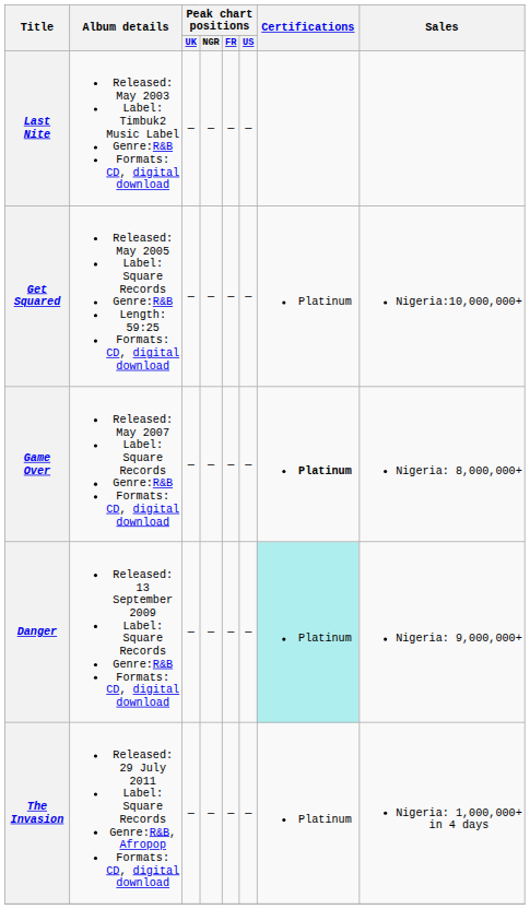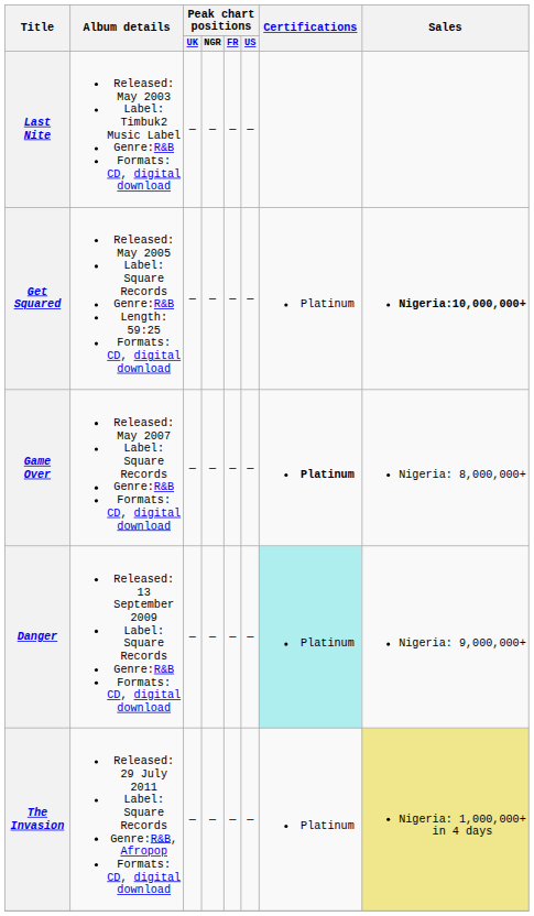 <table class="wikitable" style="text-align:center;">
 <tr>
 <th scope="col" rowspan="2" style="width:11em;">Title</th>
 <th scope="col" rowspan="2" style="width:16em;">Album details</th>
 <th scope="col" colspan="4">Peak chart positions</th>
 <th scope="col" rowspan="2" style="width:12em;"><a href='#'>Certifications</a></th>
 <th scope="col" rowspan="2" style="width:11em;">Sales</th>
 </tr>
 <tr>
 <th scope="col" style="width:3em;font-size:85%;"><a href='#'>UK</a></th>
 <th style="width:3em;font-size:85%">NGR</th>
 <th scope="col" style="width:3em;font-size:85%;"><a href='#'>FR</a></th>
 <th style="width:3em;font-size:85%"><a href='#'>US</a></th>
 </tr>
 <tr>
 <th scope="row"><strong><em><a href='#'>Last Nite</a></em></strong></th>
 <td><br><ul><li>Released: May 2003</li><li>Label: Timbuk2 Music Label</li><li>Genre:<a href='#'>R&B</a></li><li>Formats: <a href='#'>CD</a>, <a href='#'>digital download</a></li></ul></td>
 <td>—</td>
 <td>—</td>
 <td>—</td>
 <td>—</td>
 <td></td>
 <td></td>
 </tr>
 <tr>
 <th scope="row"><strong><em><a href='#'>Get Squared</a></em></strong></th>
 <td><br><ul><li>Released: May 2005</li><li>Label: Square Records</li><li>Genre:<a href='#'>R&B</a></li><li>Length: 59:25</li><li>Formats: <a href='#'>CD</a>, <a href='#'>digital download</a></li></ul></td>
 <td>—</td>
 <td>—</td>
 <td>—</td>
 <td>—</td>
 <td><br><ul><li>Platinum </li></ul></td>
-<td><br><ul><li>Nigeria:10,000,000+</li></ul></td>
+<td><strong><br><ul><li>Nigeria:10,000,000+</li></ul></strong></td>
 </tr>
 <tr>
 <th scope="row"><strong><em><a href='#'>Game Over</a></em></strong></th>
 <td><br><ul><li>Released: May 2007</li><li>Label: Square Records</li><li>Genre:<a href='#'>R&B</a></li><li>Formats: <a href='#'>CD</a>, <a href='#'>digital download</a></li></ul></td>
 <td>—</td>
 <td>—</td>
 <td>—</td>
 <td>—</td>
 <td><strong><br><ul><li>Platinum </li></ul></strong></td>
 <td><br><ul><li>Nigeria: 8,000,000+</li></ul></td>
 </tr>
 <tr>
 <th scope="row"><strong><em><a href='#'>Danger</a></em></strong></th>
 <td><br><ul><li>Released: 13 September 2009</li><li>Label: Square Records</li><li>Genre:<a href='#'>R&B</a></li><li>Formats: <a href='#'>CD</a>, <a href='#'>digital download</a></li></ul></td>
 <td>—</td>
 <td>—</td>
 <td>—</td>
 <td>—</td>
 <td style="background: paleturquoise;"><br><ul><li>Platinum </li></ul></td>
 <td><br><ul><li>Nigeria: 9,000,000+</li></ul></td>
 </tr>
 <tr>
 <th scope="row"><strong><em><a href='#'>The Invasion</a></em></strong></th>
 <td><br><ul><li>Released: 29 July 2011</li><li>Label: Square Records</li><li>Genre:<a href='#'>R&B</a>, <a href='#'>Afropop</a></li><li>Formats: <a href='#'>CD</a>, <a href='#'>digital download</a></li></ul></td>
 <td>—</td>
 <td>—</td>
 <td>—</td>
 <td>—</td>
 <td><br><ul><li>Platinum </li></ul></td>
-<td><br><ul><li>Nigeria: 1,000,000+ in 4 days</li></ul></td>
+<td style="background: khaki;"><br><ul><li>Nigeria: 1,000,000+ in 4 days</li></ul></td>
 </tr>
 <tr>
 </tr>
 </table>
